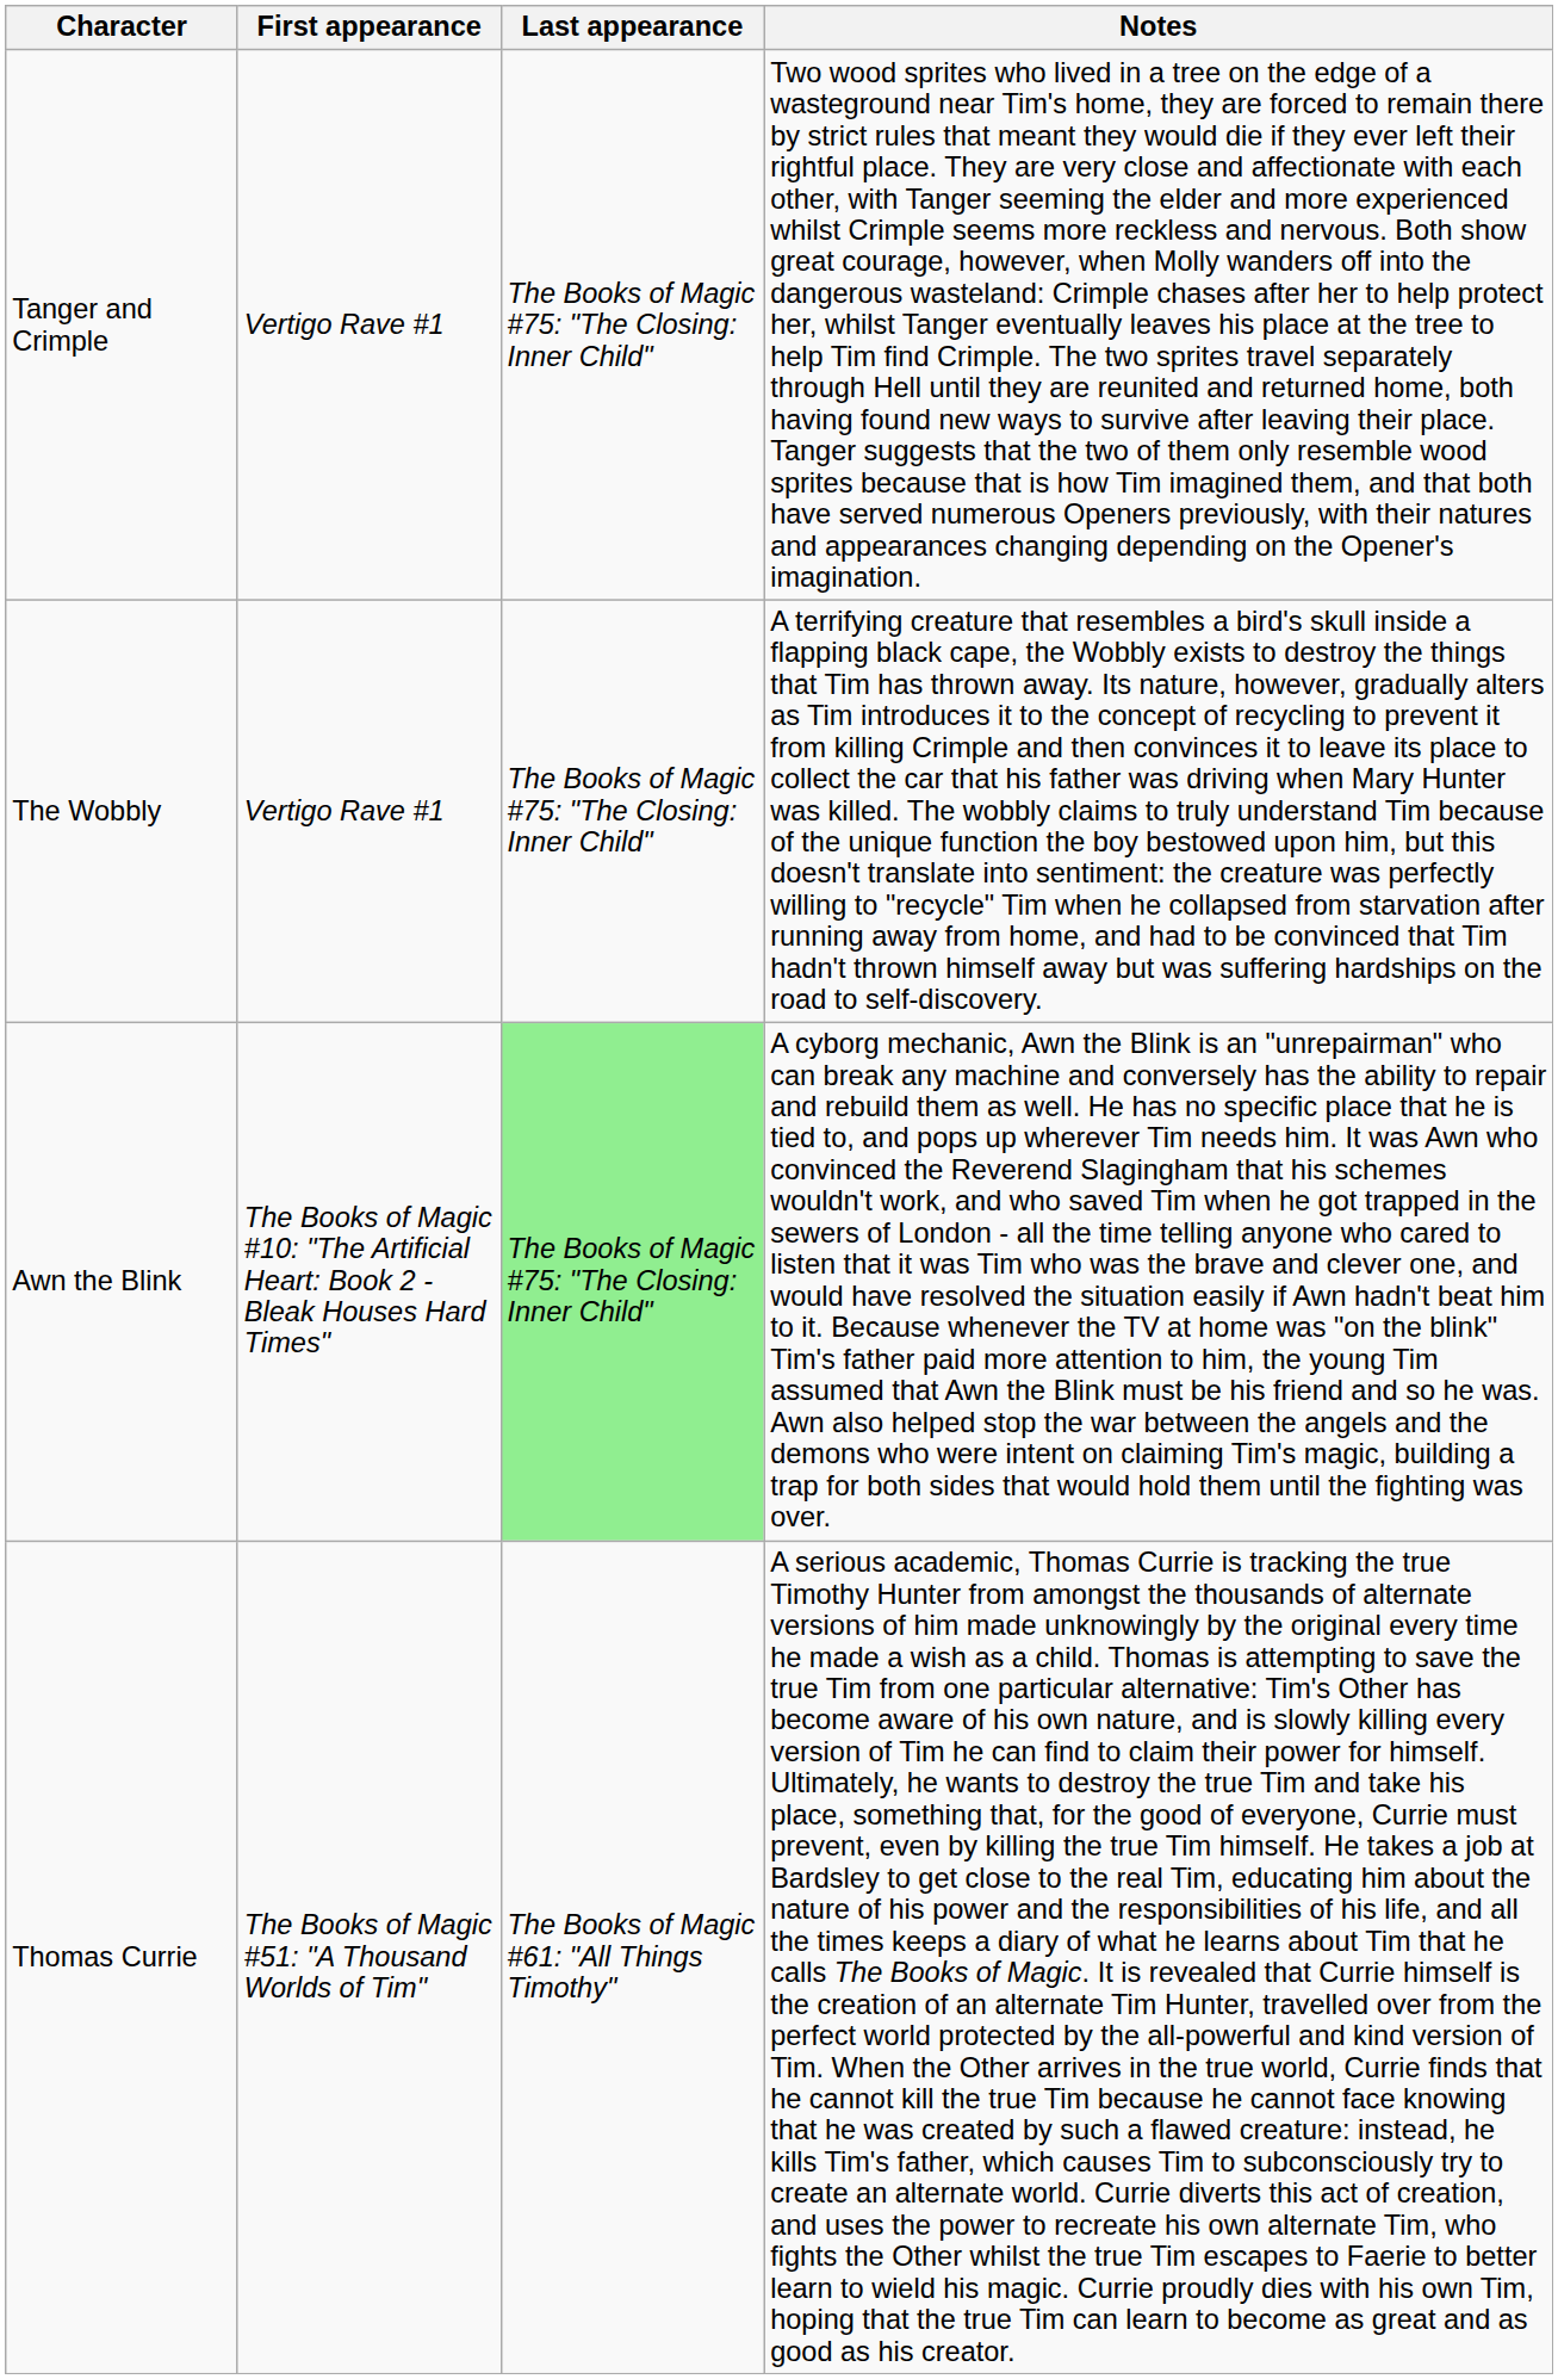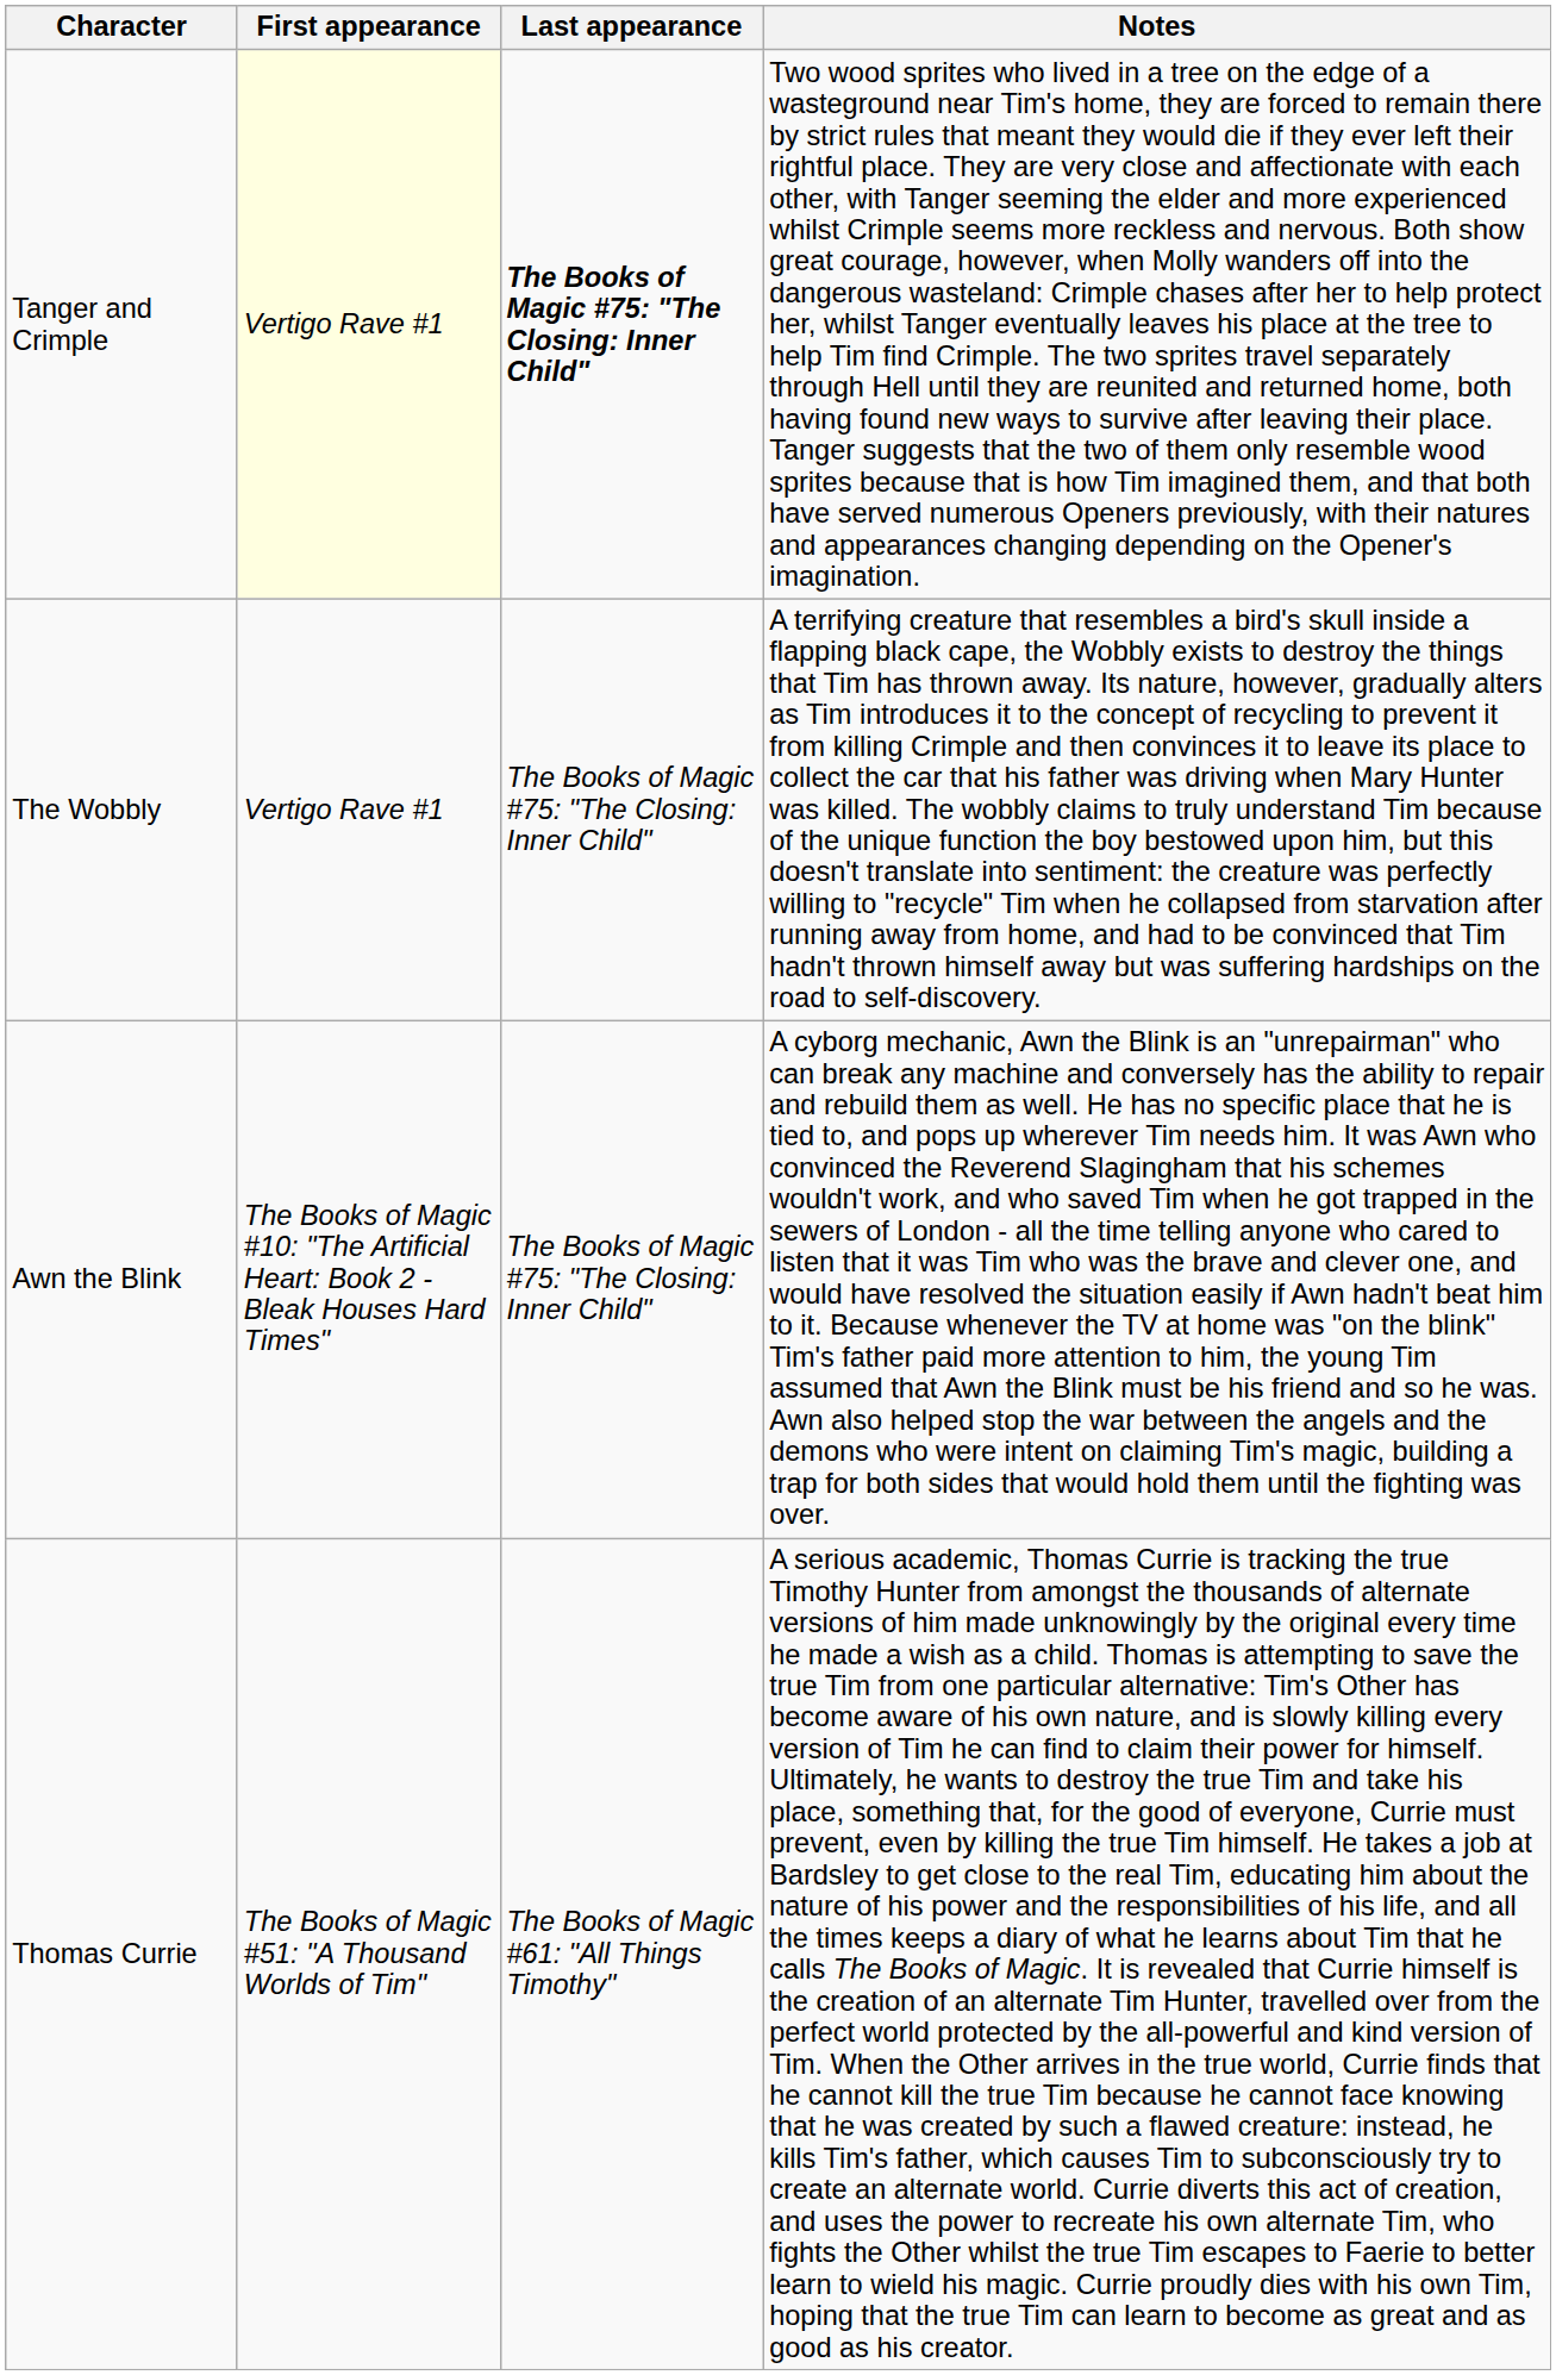 <table class="wikitable" width=100%>
 <tr>
 <th width=15%>Character</th>
 <th width=17%>First appearance</th>
 <th width=17%>Last appearance</th>
 <th width=51%>Notes</th>
 </tr>
 <tr>
 <td>Tanger and Crimple</td>
-<td><em>Vertigo Rave #1</em></td>
-<td><em>The Books of Magic #75: "The Closing: Inner Child"</em></td>
+<td style="background: lightyellow;"><em>Vertigo Rave #1</em></td>
+<td><strong><em>The Books of Magic #75: "The Closing: Inner Child"</em></strong></td>
 <td>Two wood sprites who lived in a tree on the edge of a wasteground near Tim's home, they are forced to remain there by strict rules that meant they would die if they ever left their rightful place. They are very close and affectionate with each other, with Tanger seeming the elder and more experienced whilst Crimple seems more reckless and nervous. Both show great courage, however, when Molly wanders off into the dangerous wasteland: Crimple chases after her to help protect her, whilst Tanger eventually leaves his place at the tree to help Tim find Crimple. The two sprites travel separately through  Hell until they are reunited and returned home, both having found new ways to survive after leaving their place. Tanger suggests that the two of them only resemble wood sprites because that is how Tim imagined them, and that both have served numerous Openers previously, with their natures and appearances changing depending on the Opener's imagination.</td>
 </tr>
 <tr>
 <td>The Wobbly</td>
 <td><em>Vertigo Rave #1</em></td>
 <td><em>The Books of Magic #75: "The Closing: Inner Child"</em></td>
 <td>A terrifying creature that resembles a bird's skull inside a flapping black cape, the Wobbly exists to destroy the things that Tim has thrown away. Its nature, however, gradually alters as Tim introduces it to the concept of recycling to prevent it from killing Crimple and then convinces it to leave its place to collect the car that his father was driving when Mary Hunter was killed. The wobbly claims to truly understand Tim because of the unique function the boy bestowed upon him, but this doesn't translate into sentiment: the creature was perfectly willing to "recycle" Tim when he collapsed from starvation after running away from home, and had to be convinced that Tim hadn't thrown himself away but was suffering hardships on the road to self-discovery.</td>
 </tr>
 <tr>
 <td>Awn the Blink</td>
 <td><em>The Books of Magic #10: "The Artificial Heart: Book 2 - Bleak Houses Hard Times"</em></td>
-<td style="background: lightgreen;"><em>The Books of Magic #75: "The Closing: Inner Child"</em></td>
+<td><em>The Books of Magic #75: "The Closing: Inner Child"</em></td>
 <td>A cyborg mechanic, Awn the Blink is an "unrepairman" who can break any machine and conversely has the ability to repair and rebuild them as well. He has no specific place that he is tied to, and pops up wherever Tim needs him. It was Awn who convinced the Reverend Slagingham that his schemes wouldn't work, and who saved Tim when he got trapped in the sewers of London - all the time telling anyone who cared to listen that it was Tim who was the brave and clever one, and would have resolved the situation easily if Awn hadn't beat him to it. Because whenever the TV at home was "on the blink" Tim's father paid more attention to him, the young Tim assumed that Awn the Blink must be his friend and so he was. Awn also helped stop the war between the angels and the demons who were intent on claiming Tim's magic, building a trap for both sides that would hold them until the fighting was over.</td>
 </tr>
 <tr>
 <td>Thomas Currie</td>
 <td><em>The Books of Magic #51: "A Thousand Worlds of Tim"</em></td>
 <td><em>The Books of Magic #61: "All Things Timothy"</em></td>
 <td>A serious academic, Thomas Currie is tracking the true Timothy Hunter from amongst the thousands of alternate versions of him made unknowingly by the original every time he made a wish as a child. Thomas is attempting to save the true Tim from one particular alternative: Tim's Other has become aware of his own nature, and is slowly killing every version of Tim he can find to claim their power for himself. Ultimately, he wants to destroy the true Tim and take his place, something that, for the good of everyone, Currie must prevent, even by killing the true Tim himself. He takes a job at Bardsley to get close to the real Tim, educating him about the nature of his power and the responsibilities of his life, and all the times keeps a diary of what he learns about Tim that he calls <em>The Books of Magic</em>. It is revealed that Currie himself is the creation of an alternate Tim Hunter, travelled over from the perfect world protected by the all-powerful and kind version of Tim. When the Other arrives in the true world, Currie finds that he cannot kill the true Tim because he cannot face knowing that he was created by such a flawed creature: instead, he kills Tim's father, which causes Tim to subconsciously try to create an alternate world. Currie diverts this act of creation, and uses the power to recreate his own alternate Tim, who fights the Other whilst the true Tim escapes to Faerie to better learn to wield his magic. Currie proudly dies with his own Tim, hoping that the true Tim can learn to become as great and as good as his creator.</td>
 </tr>
 <tr>
 </tr>
 </table>
